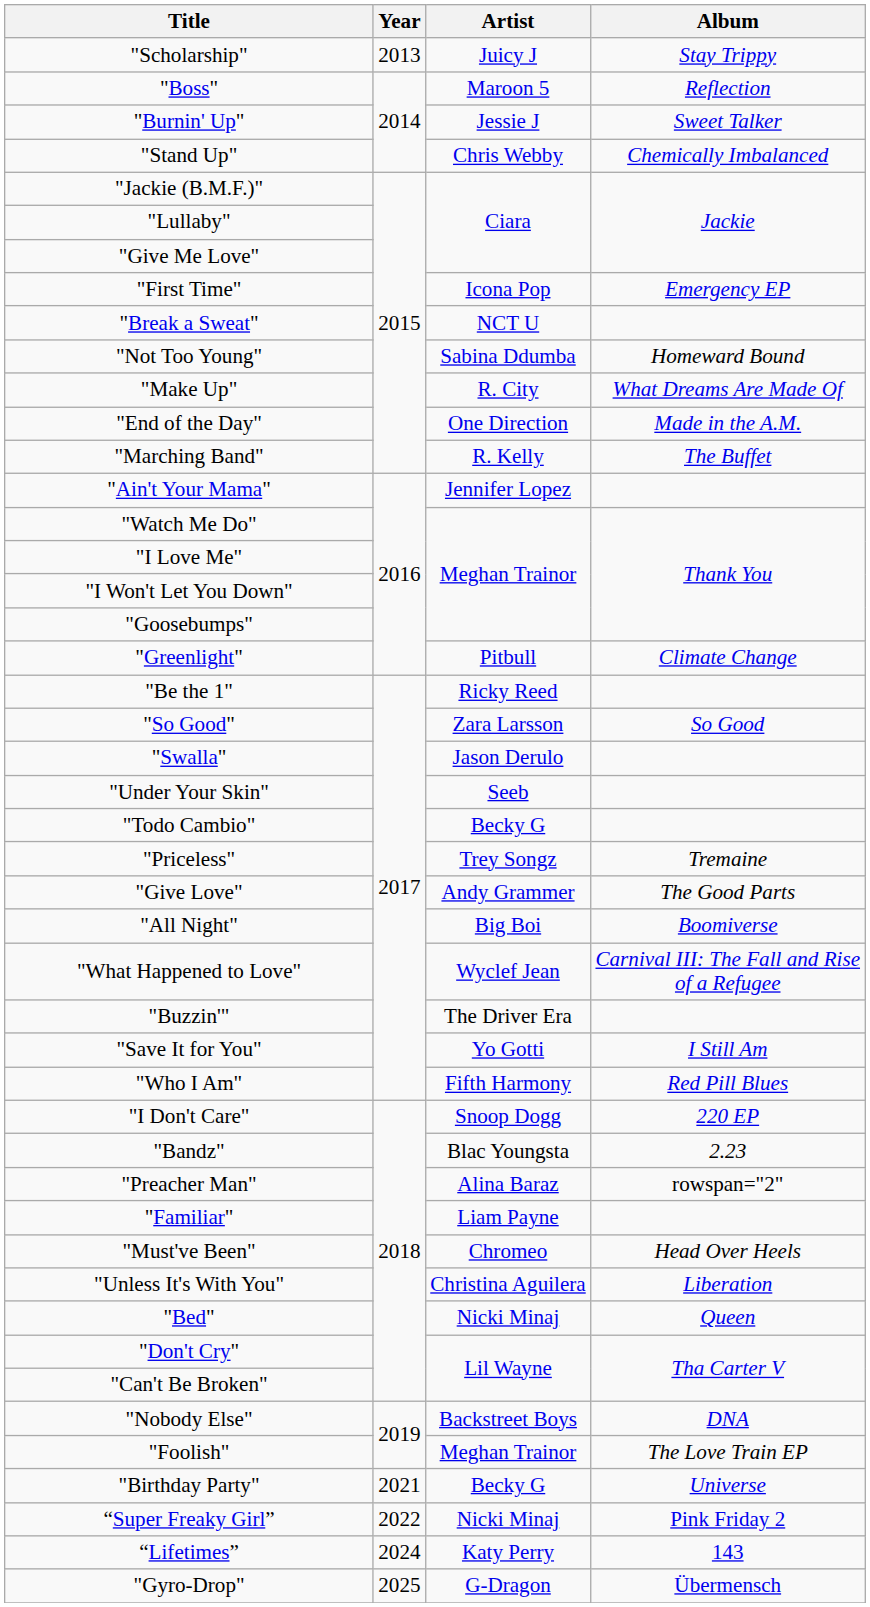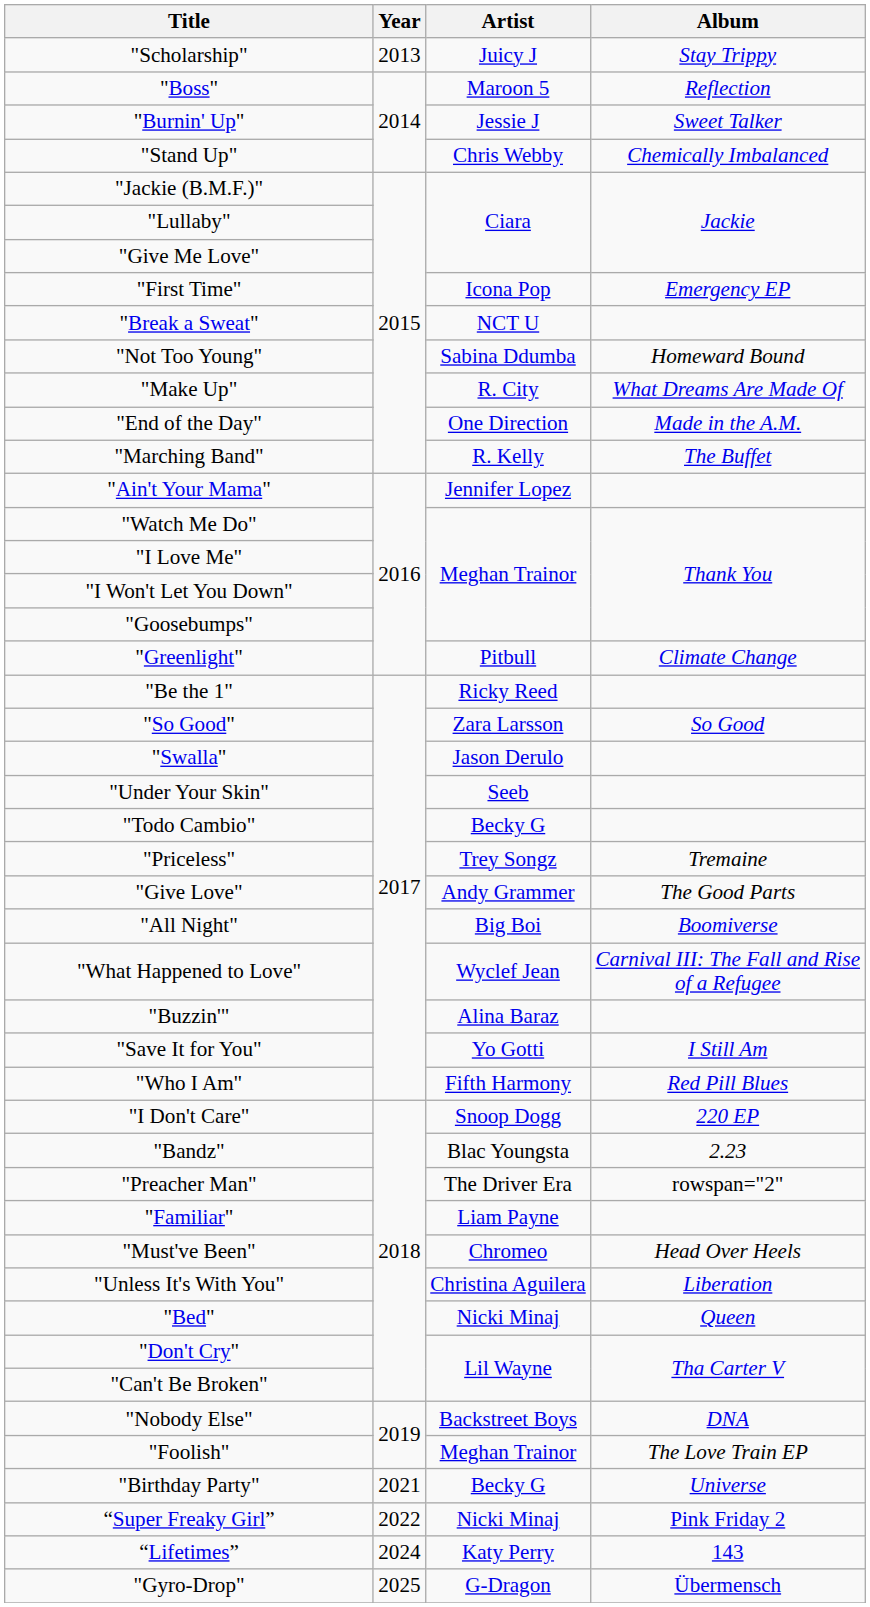 <table class="wikitable plainrowheaders" style="text-align:center;">
 <tr>
 <th scope="col" style="width:17em;">Title</th>
 <th scope="col">Year</th>
 <th scope="col">Artist</th>
 <th scope="col">Album</th>
 </tr>
 <tr>
 <td>"Scholarship"<br></td>
 <td>2013</td>
 <td><a href='#'>Juicy J</a></td>
 <td><em><a href='#'>Stay Trippy</a></em></td>
 </tr>
 <tr>
 <td>"<a href='#'>Boss</a>"</td>
 <td rowspan="3">2014</td>
 <td><a href='#'>Maroon 5</a></td>
 <td><em><a href='#'>Reflection</a></em></td>
 </tr>
 <tr>
 <td>"<a href='#'>Burnin' Up</a>"<br></td>
 <td><a href='#'>Jessie J</a></td>
 <td><em><a href='#'>Sweet Talker</a></em></td>
 </tr>
 <tr>
 <td>"Stand Up"</td>
 <td><a href='#'>Chris Webby</a></td>
 <td><em><a href='#'>Chemically Imbalanced</a></em></td>
 </tr>
 <tr>
 <td>"Jackie (B.M.F.)"</td>
 <td rowspan="9">2015</td>
 <td rowspan="3"><a href='#'>Ciara</a></td>
 <td rowspan="3"><em><a href='#'>Jackie</a></em></td>
 </tr>
 <tr>
 <td>"Lullaby"</td>
 </tr>
 <tr>
 <td>"Give Me Love"</td>
 </tr>
 <tr>
 <td>"First Time"</td>
 <td><a href='#'>Icona Pop</a></td>
 <td><em><a href='#'>Emergency EP</a></em></td>
 </tr>
 <tr>
 <td>"<a href='#'>Break a Sweat</a>"</td>
 <td><a href='#'>NCT U</a></td>
 <td></td>
 </tr>
 <tr>
 <td>"Not Too Young"</td>
 <td><a href='#'>Sabina Ddumba</a></td>
 <td><em>Homeward Bound</em></td>
 </tr>
 <tr>
 <td>"Make Up"<br></td>
 <td><a href='#'>R. City</a></td>
 <td><em><a href='#'>What Dreams Are Made Of</a></em></td>
 </tr>
 <tr>
 <td>"End of the Day"</td>
 <td><a href='#'>One Direction</a></td>
 <td><em><a href='#'>Made in the A.M.</a></em></td>
 </tr>
 <tr>
 <td>"Marching Band"<br></td>
 <td><a href='#'>R. Kelly</a></td>
 <td><em><a href='#'>The Buffet</a></em></td>
 </tr>
 <tr>
 <td>"<a href='#'>Ain't Your Mama</a>"</td>
 <td rowspan="6">2016</td>
 <td><a href='#'>Jennifer Lopez</a></td>
 <td></td>
 </tr>
 <tr>
 <td>"Watch Me Do"</td>
 <td rowspan="4"><a href='#'>Meghan Trainor</a></td>
 <td rowspan="4"><em><a href='#'>Thank You</a></em></td>
 </tr>
 <tr>
 <td>"I Love Me"<br></td>
 </tr>
 <tr>
 <td>"I Won't Let You Down"</td>
 </tr>
 <tr>
 <td>"Goosebumps"</td>
 </tr>
 <tr>
 <td>"<a href='#'>Greenlight</a>"<br></td>
 <td><a href='#'>Pitbull</a></td>
 <td><em><a href='#'>Climate Change</a></em></td>
 </tr>
 <tr>
 <td>"Be the 1"</td>
 <td rowspan="12">2017</td>
 <td><a href='#'>Ricky Reed</a></td>
 <td></td>
 </tr>
 <tr>
 <td>"<a href='#'>So Good</a>"<br></td>
 <td><a href='#'>Zara Larsson</a></td>
 <td><em><a href='#'>So Good</a></em></td>
 </tr>
 <tr>
 <td>"<a href='#'>Swalla</a>"<br></td>
 <td><a href='#'>Jason Derulo</a></td>
 <td></td>
 </tr>
 <tr>
 <td>"Under Your Skin"<br></td>
 <td><a href='#'>Seeb</a></td>
 <td></td>
 </tr>
 <tr>
 <td>"Todo Cambio"</td>
 <td><a href='#'>Becky G</a></td>
 <td></td>
 </tr>
 <tr>
 <td>"Priceless"</td>
 <td><a href='#'>Trey Songz</a></td>
 <td><em>Tremaine</em></td>
 </tr>
 <tr>
 <td>"Give Love"<br></td>
 <td><a href='#'>Andy Grammer</a></td>
 <td><em>The Good Parts</em></td>
 </tr>
 <tr>
 <td>"All Night"</td>
 <td><a href='#'>Big Boi</a></td>
 <td><em><a href='#'>Boomiverse</a></em></td>
 </tr>
 <tr>
 <td>"What Happened to Love"<br></td>
 <td><a href='#'>Wyclef Jean</a></td>
 <td><em><a href='#'>Carnival III: The Fall and Rise<br>of a Refugee</a></em></td>
 </tr>
 <tr>
 <td>"Buzzin'"</td>
-<td>The Driver Era</td>
+<td><a href='#'>Alina Baraz</a></td>
 <td></td>
 </tr>
 <tr>
 <td>"Save It for You"<br></td>
 <td><a href='#'>Yo Gotti</a></td>
 <td><em><a href='#'>I Still Am</a></em></td>
 </tr>
 <tr>
 <td>"Who I Am"<br></td>
 <td><a href='#'>Fifth Harmony</a></td>
 <td><em><a href='#'>Red Pill Blues</a></em></td>
 </tr>
 <tr>
 <td>"I Don't Care"<br></td>
 <td rowspan="9">2018</td>
 <td><a href='#'>Snoop Dogg</a></td>
 <td><em><a href='#'>220 EP</a></em></td>
 </tr>
 <tr>
 <td>"Bandz"<br></td>
 <td>Blac Youngsta</td>
 <td><em>2.23</em></td>
 </tr>
 <tr>
 <td>"Preacher Man"</td>
-<td><a href='#'>Alina Baraz</a></td>
+<td>The Driver Era</td>
 <td>rowspan="2" </td>
 </tr>
 <tr>
 <td>"<a href='#'>Familiar</a>"<br></td>
 <td><a href='#'>Liam Payne</a></td>
 </tr>
 <tr>
 <td>"Must've Been"<br></td>
 <td><a href='#'>Chromeo</a></td>
 <td><em>Head Over Heels</em></td>
 </tr>
 <tr>
 <td>"Unless It's With You"</td>
 <td><a href='#'>Christina Aguilera</a></td>
 <td><em><a href='#'>Liberation</a></em></td>
 </tr>
 <tr>
 <td>"<a href='#'>Bed</a>"<br></td>
 <td><a href='#'>Nicki Minaj</a></td>
 <td><em><a href='#'>Queen</a></em></td>
 </tr>
 <tr>
 <td>"<a href='#'>Don't Cry</a>"<br></td>
 <td rowspan="2"><a href='#'>Lil Wayne</a></td>
 <td rowspan="2"><em><a href='#'>Tha Carter V</a></em></td>
 </tr>
 <tr>
 <td>"Can't Be Broken"</td>
 </tr>
 <tr>
 <td>"Nobody Else"</td>
 <td rowspan="2">2019</td>
 <td><a href='#'>Backstreet Boys</a></td>
 <td><em><a href='#'>DNA</a></em></td>
 </tr>
 <tr>
 <td>"Foolish"</td>
 <td><a href='#'>Meghan Trainor</a></td>
 <td><em>The Love Train EP</em></td>
 </tr>
 <tr>
 <td>"Birthday Party"</td>
 <td>2021</td>
 <td><a href='#'>Becky G</a></td>
 <td><a href='#'><em>Universe</em></a></td>
 </tr>
 <tr>
 <td>“<a href='#'>Super Freaky Girl</a>”</td>
 <td>2022</td>
 <td><a href='#'>Nicki Minaj</a></td>
 <td><a href='#'>Pink Friday 2</a></td>
 </tr>
 <tr>
 <td>“<a href='#'>Lifetimes</a>”</td>
 <td>2024</td>
 <td><a href='#'>Katy Perry</a></td>
 <td><a href='#'>143</a></td>
 </tr>
 <tr>
 <td>"Gyro-Drop"</td>
 <td>2025</td>
 <td><a href='#'>G-Dragon</a></td>
 <td><a href='#'>Übermensch</a></td>
 </tr>
 <tr>
 </tr>
 </table>
